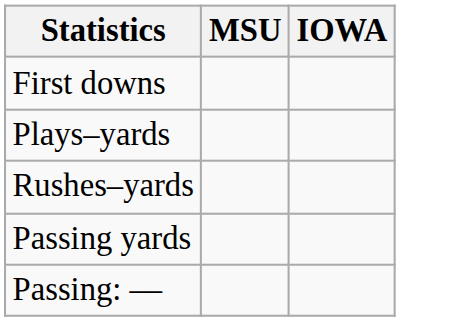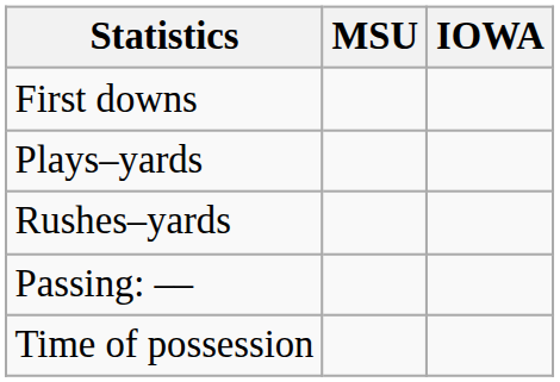 <table class="wikitable" style="float:left">
 <tr>
 <th>Statistics</th>
 <th>MSU</th>
 <th>IOWA</th>
 </tr>
 <tr>
 <td>First downs</td>
 <td></td>
 <td></td>
 </tr>
 <tr>
 <td>Plays–yards</td>
 <td></td>
 <td></td>
 </tr>
 <tr>
 <td>Rushes–yards</td>
 <td></td>
 <td></td>
 </tr>
 <tr>
-<td>Passing yards</td>
+<td>Passing: ––</td>
 <td></td>
 <td></td>
 </tr>
 <tr>
-<td>Passing: ––</td>
+<td>Time of possession</td>
 <td></td>
 <td></td>
 </tr>
 </table>
